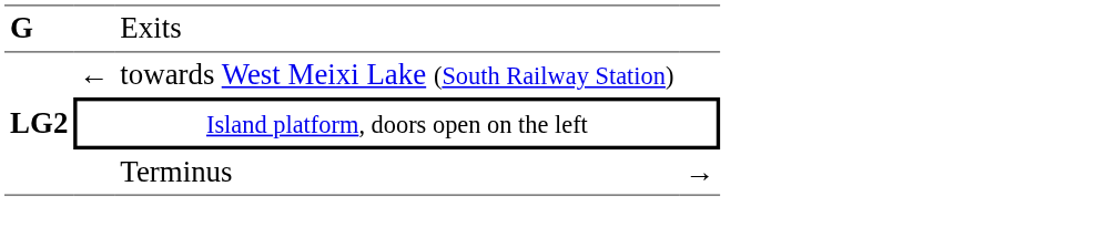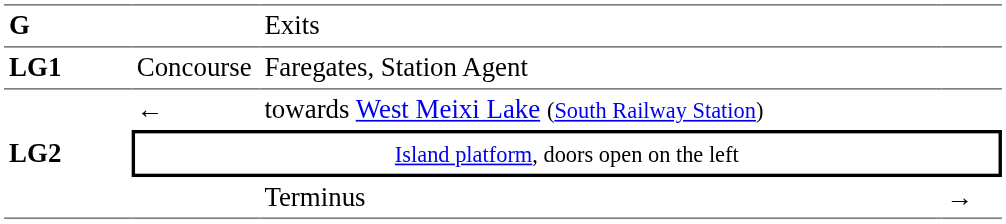 <table table border=0 cellspacing=0 cellpadding=3>
 <tr>
 <td style="border-bottom:solid 1px gray; border-top:solid 1px gray;" valign=top><strong>G</strong></td>
 <td style="border-bottom:solid 1px gray; border-top:solid 1px gray;" valign=top></td>
 <td style="border-bottom:solid 1px gray; border-top:solid 1px gray;" valign=top>Exits</td>
 <td style="border-bottom:solid 1px gray; border-top:solid 1px gray;" valign=top></td>
+</tr>
+<tr>
+<td style="border-bottom:solid 1px gray;" width=70><strong>LG1</strong></td>
+<td style="border-bottom:solid 1px gray;" width=70>Concourse</td>
+<td style="border-bottom:solid 1px gray;" width=400>Faregates, Station Agent</td>
+<td style="border-bottom:solid 1px gray;" width=30></td>
 </tr>
 <tr>
 <td style="border-bottom:solid 1px gray;" rowspan=3><strong>LG2</strong></td>
 <td>←</td>
 <td> towards <a href='#'>West Meixi Lake</a> <small>(<a href='#'>South Railway Station</a>)</small></td>
 <td></td>
 </tr>
 <tr>
 <td style="border-right:solid 2px black;border-left:solid 2px black;border-top:solid 2px black;border-bottom:solid 2px black;text-align:center;" colspan=3><small><a href='#'>Island platform</a>, doors open on the left</small></td>
 </tr>
 <tr>
 <td style="border-bottom:solid 1px gray;"></td>
 <td style="border-bottom:solid 1px gray;"> Terminus</td>
 <td style="border-bottom:solid 1px gray;">→</td>
 </tr>
 <tr>
 </tr>
 </table>
